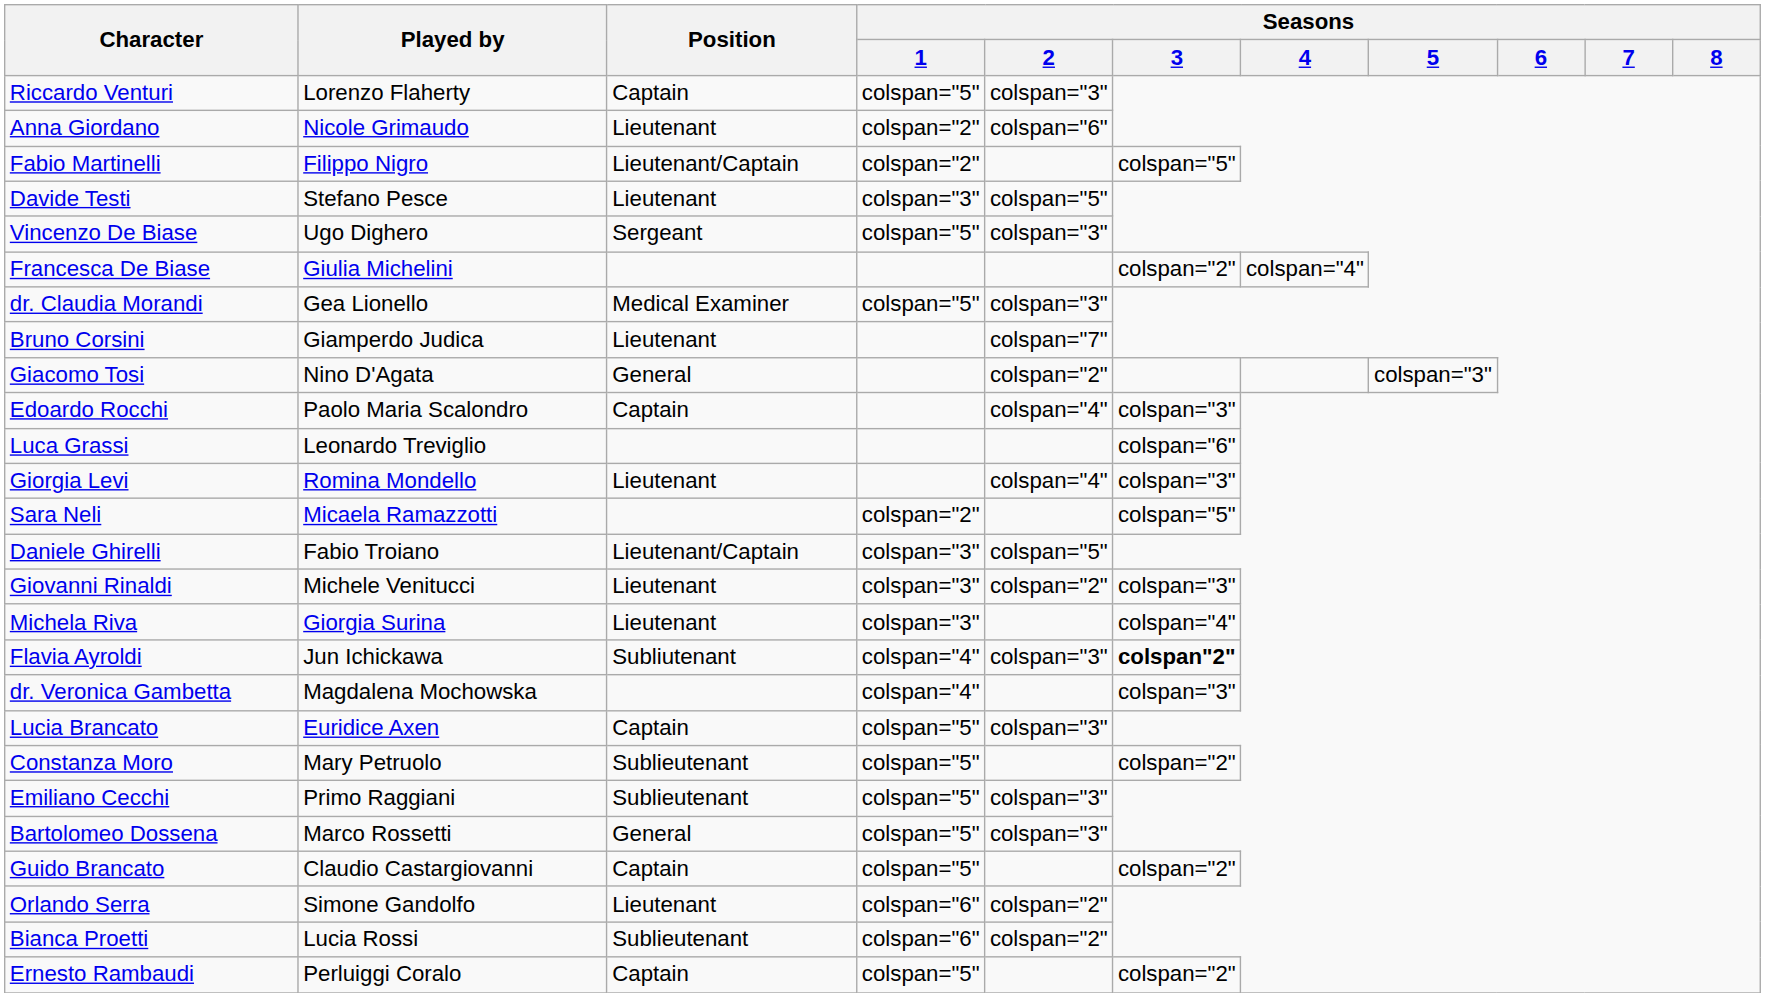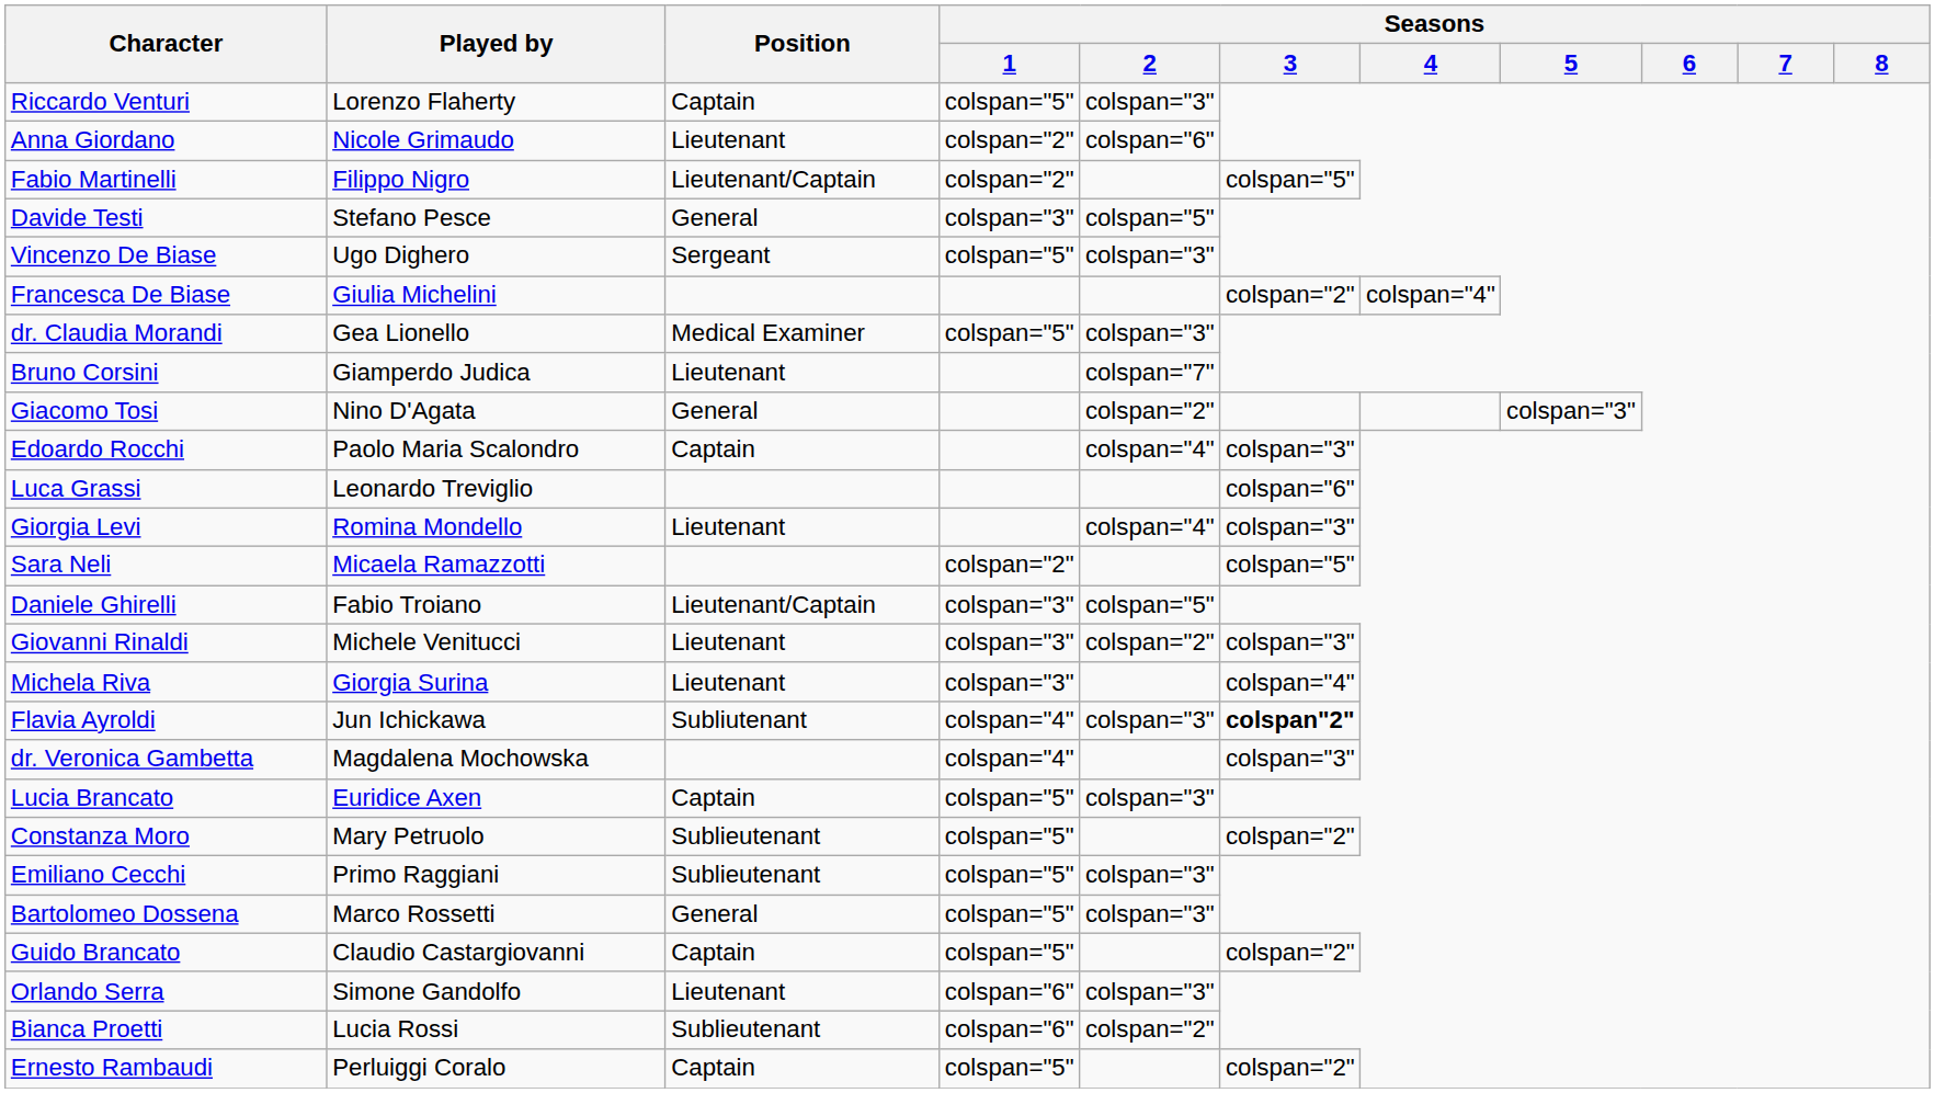 <table class="wikitable" width="100%">
 <tr>
 <th rowspan="2">Character</th>
 <th ! rowspan="2">Played by</th>
 <th ! rowspan="2">Position</th>
 <th ! colspan="9">Seasons</th>
 </tr>
 <tr>
 <th width="5%"><a href='#'>1</a></th>
 <th width="5%"><a href='#'>2</a></th>
 <th width="5%"><a href='#'>3</a></th>
 <th width="5%"><a href='#'>4</a></th>
 <th width="5%"><a href='#'>5</a></th>
 <th width="5%"><a href='#'>6</a></th>
 <th width="5%"><a href='#'>7</a></th>
 <th width="5%"><a href='#'>8</a></th>
 </tr>
 <tr>
 <td><a href='#'>Riccardo Venturi</a></td>
 <td>Lorenzo Flaherty</td>
 <td>Captain</td>
 <td>colspan="5" </td>
 <td>colspan="3" </td>
 </tr>
 <tr>
 <td><a href='#'>Anna Giordano</a></td>
 <td><a href='#'>Nicole Grimaudo</a></td>
 <td>Lieutenant</td>
 <td>colspan="2" </td>
 <td>colspan="6" </td>
 </tr>
 <tr>
 <td><a href='#'>Fabio Martinelli</a></td>
 <td><a href='#'>Filippo Nigro</a></td>
 <td>Lieutenant/Captain</td>
 <td>colspan="2" </td>
 <td></td>
 <td>colspan="5" </td>
 </tr>
 <tr>
 <td><a href='#'>Davide Testi</a></td>
 <td>Stefano Pesce</td>
-<td>Lieutenant</td>
+<td>General</td>
 <td>colspan="3" </td>
 <td>colspan="5" </td>
 </tr>
 <tr>
 <td><a href='#'>Vincenzo De Biase</a></td>
 <td>Ugo Dighero</td>
 <td>Sergeant</td>
 <td>colspan="5" </td>
 <td>colspan="3" </td>
 </tr>
 <tr>
 <td><a href='#'>Francesca De Biase</a></td>
 <td><a href='#'>Giulia Michelini</a></td>
 <td></td>
 <td></td>
 <td></td>
 <td>colspan="2" </td>
 <td>colspan="4" </td>
 </tr>
 <tr>
 <td><a href='#'>dr. Claudia Morandi</a></td>
 <td>Gea Lionello</td>
 <td>Medical Examiner</td>
 <td>colspan="5" </td>
 <td>colspan="3" </td>
 </tr>
 <tr>
 <td><a href='#'>Bruno Corsini</a></td>
 <td>Giamperdo Judica</td>
 <td>Lieutenant</td>
 <td></td>
 <td>colspan="7" </td>
 </tr>
 <tr>
 <td><a href='#'>Giacomo Tosi</a></td>
 <td>Nino D'Agata</td>
 <td>General</td>
 <td></td>
 <td>colspan="2" </td>
 <td></td>
 <td></td>
 <td>colspan="3" </td>
 </tr>
 <tr>
 <td><a href='#'>Edoardo Rocchi</a></td>
 <td>Paolo Maria Scalondro</td>
 <td>Captain</td>
 <td></td>
 <td>colspan="4" </td>
 <td>colspan="3" </td>
 </tr>
 <tr>
 <td><a href='#'>Luca Grassi</a></td>
 <td>Leonardo Treviglio</td>
 <td></td>
 <td></td>
 <td></td>
 <td>colspan="6" </td>
 </tr>
 <tr>
 <td><a href='#'>Giorgia Levi</a></td>
 <td><a href='#'>Romina Mondello</a></td>
 <td>Lieutenant</td>
 <td></td>
 <td>colspan="4" </td>
 <td>colspan="3" </td>
 </tr>
 <tr>
 <td><a href='#'>Sara Neli</a></td>
 <td><a href='#'>Micaela Ramazzotti</a></td>
 <td></td>
 <td>colspan="2" </td>
 <td></td>
 <td>colspan="5" </td>
 </tr>
 <tr>
 <td><a href='#'>Daniele Ghirelli</a></td>
 <td>Fabio Troiano</td>
 <td>Lieutenant/Captain</td>
 <td>colspan="3" </td>
 <td>colspan="5" </td>
 </tr>
 <tr>
 <td><a href='#'>Giovanni Rinaldi</a></td>
 <td>Michele Venitucci</td>
 <td>Lieutenant</td>
 <td>colspan="3" </td>
 <td>colspan="2" </td>
 <td>colspan="3" </td>
 </tr>
 <tr>
 <td><a href='#'>Michela Riva</a></td>
 <td><a href='#'>Giorgia Surina</a></td>
 <td>Lieutenant</td>
 <td>colspan="3" </td>
 <td></td>
 <td>colspan="4" </td>
 </tr>
 <tr>
 <td><a href='#'>Flavia Ayroldi</a></td>
 <td>Jun Ichickawa</td>
 <td>Subliutenant</td>
 <td>colspan="4" </td>
 <td>colspan="3" </td>
 <td><strong>colspan"2" </strong></td>
 </tr>
 <tr>
 <td><a href='#'>dr. Veronica Gambetta</a></td>
 <td>Magdalena Mochowska</td>
 <td></td>
 <td>colspan="4" </td>
 <td></td>
 <td>colspan="3" </td>
 </tr>
 <tr>
 <td><a href='#'>Lucia Brancato</a></td>
 <td><a href='#'>Euridice Axen</a></td>
 <td>Captain</td>
 <td>colspan="5" </td>
 <td>colspan="3" </td>
 </tr>
 <tr>
 <td><a href='#'>Constanza Moro</a></td>
 <td>Mary Petruolo</td>
 <td>Sublieutenant</td>
 <td>colspan="5" </td>
 <td></td>
 <td>colspan="2" </td>
 </tr>
 <tr>
 <td><a href='#'>Emiliano Cecchi</a></td>
 <td>Primo Raggiani</td>
 <td>Sublieutenant</td>
 <td>colspan="5" </td>
 <td>colspan="3" </td>
 </tr>
 <tr>
 <td><a href='#'>Bartolomeo Dossena</a></td>
 <td>Marco Rossetti</td>
 <td>General</td>
 <td>colspan="5" </td>
 <td>colspan="3" </td>
 </tr>
 <tr>
 <td><a href='#'>Guido Brancato</a></td>
 <td>Claudio Castargiovanni</td>
 <td>Captain</td>
 <td>colspan="5" </td>
 <td></td>
 <td>colspan="2" </td>
 </tr>
 <tr>
 <td><a href='#'>Orlando Serra</a></td>
 <td>Simone Gandolfo</td>
 <td>Lieutenant</td>
 <td>colspan="6" </td>
-<td>colspan="2" </td>
+<td>colspan="3" </td>
 </tr>
 <tr>
 <td><a href='#'>Bianca Proetti</a></td>
 <td>Lucia Rossi</td>
 <td>Sublieutenant</td>
 <td>colspan="6" </td>
 <td>colspan="2" </td>
 </tr>
 <tr>
 <td><a href='#'>Ernesto Rambaudi</a></td>
 <td>Perluiggi Coralo</td>
 <td>Captain</td>
 <td>colspan="5" </td>
 <td></td>
 <td>colspan="2" </td>
 </tr>
 </table>
